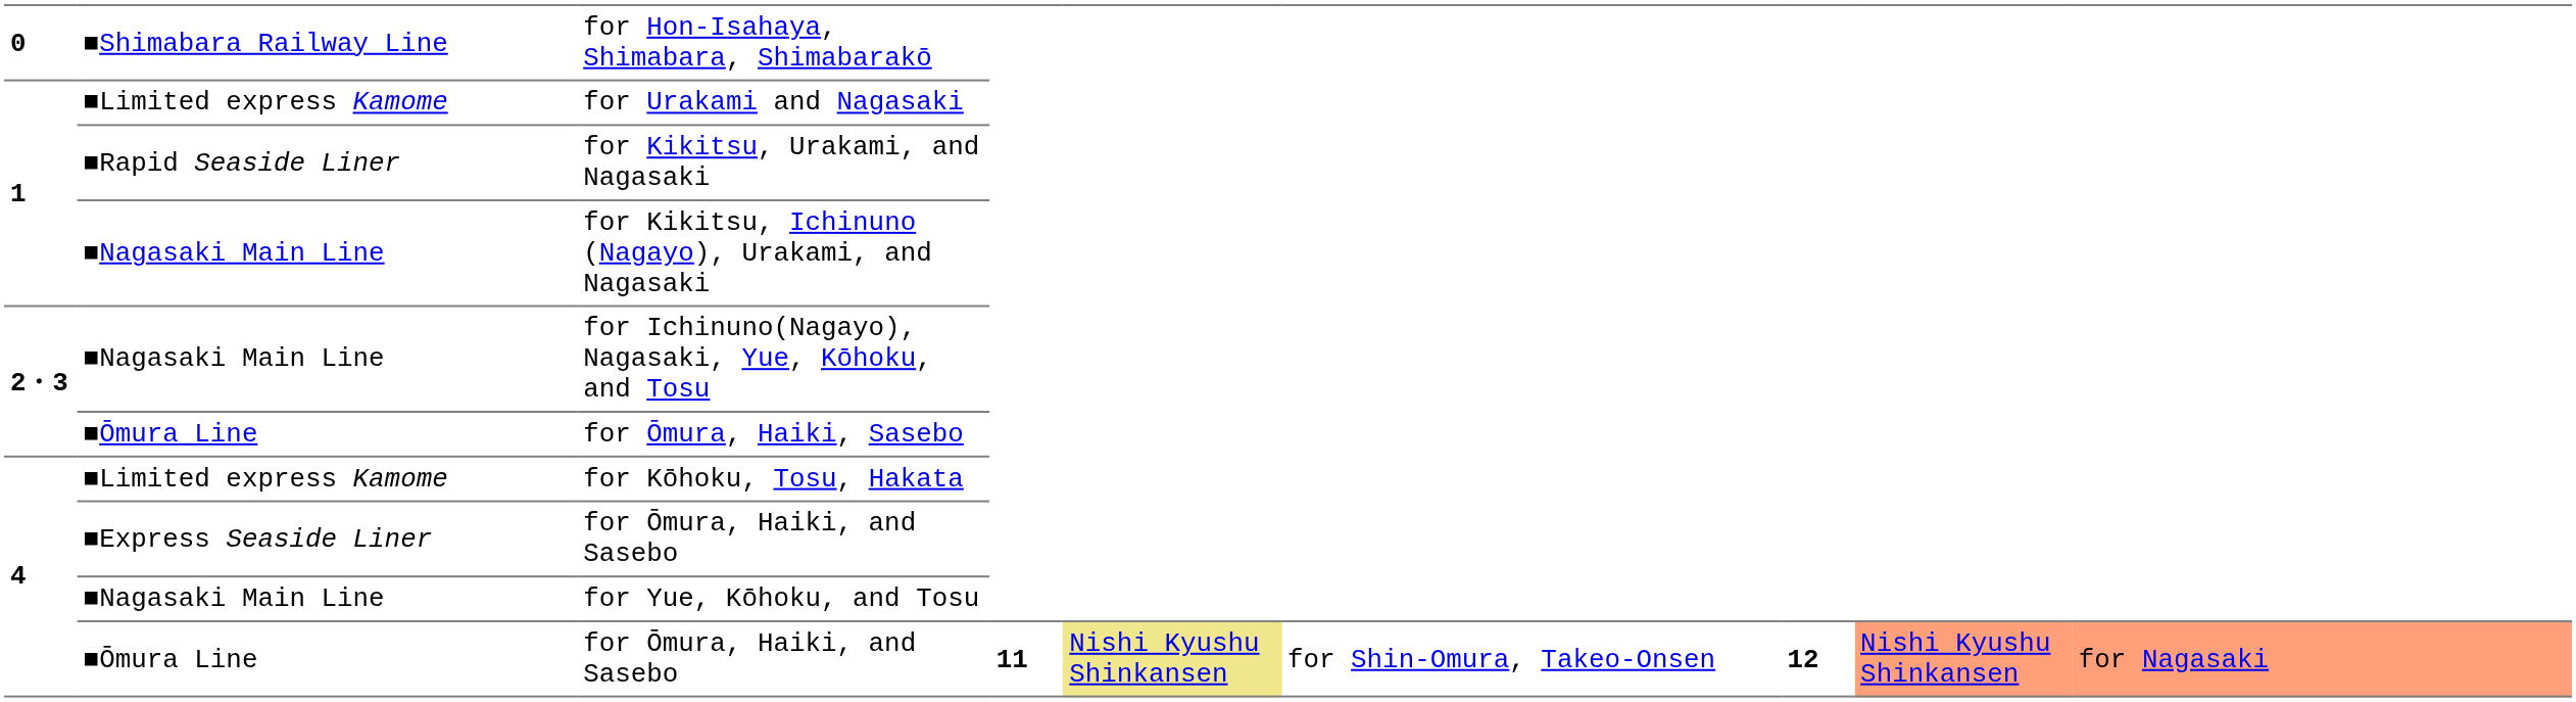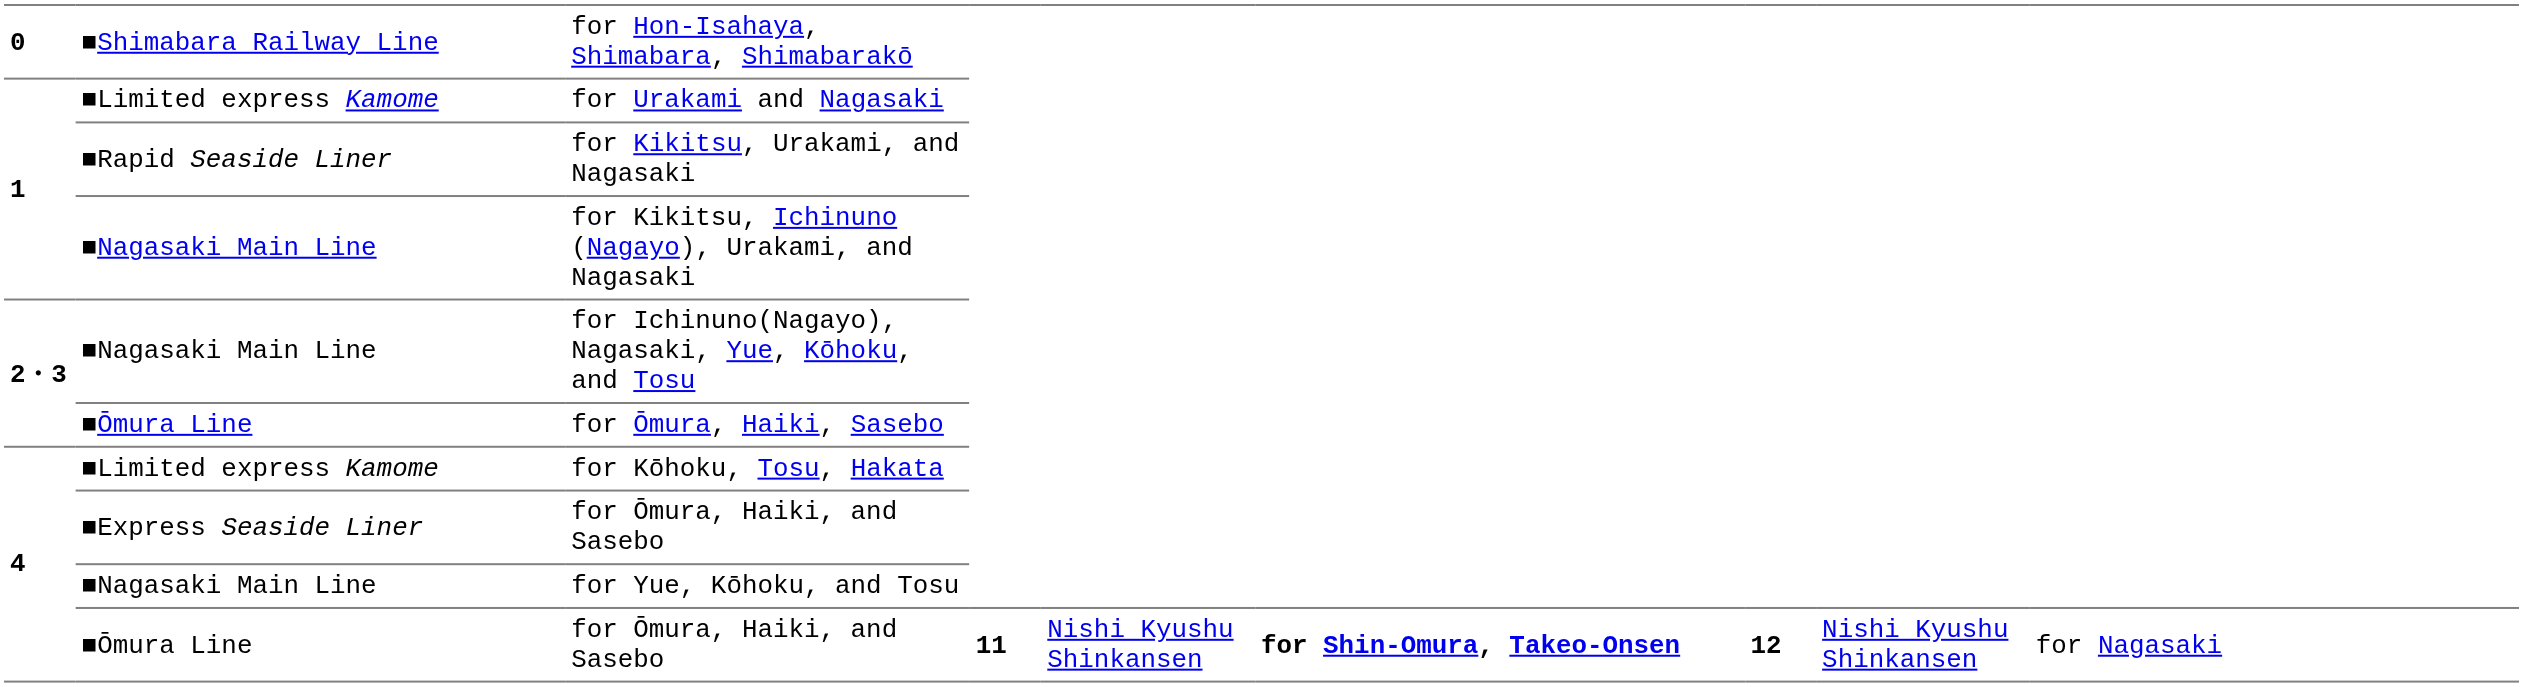 <table border="1" cellspacing="0" cellpadding="3" frame="hsides" rules="rows" style="margin-top:.4em; text-align:left">
 <tr>
 <th style="width:30px" rowspan=1>0</th>
 <td style="width:240px"><span>■</span><a href='#'>Shimabara Railway Line</a></td>
 <td>for <a href='#'>Hon-Isahaya</a>, <a href='#'>Shimabara</a>, <a href='#'>Shimabarakō</a></td>
 </tr>
 <tr>
 <th style="width:30px" rowspan=3>1</th>
 <td style="width:240px"><span>■</span>Limited express <em><a href='#'>Kamome</a></em></td>
 <td>for <a href='#'>Urakami</a> and <a href='#'>Nagasaki</a></td>
 </tr>
 <tr>
 <td><span>■</span>Rapid <em>Seaside Liner</em></td>
 <td>for <a href='#'>Kikitsu</a>, Urakami, and Nagasaki</td>
 </tr>
 <tr>
 <td><span>■</span><a href='#'>Nagasaki Main Line</a></td>
 <td>for Kikitsu, <a href='#'>Ichinuno</a> (<a href='#'>Nagayo</a>), Urakami, and Nagasaki</td>
 </tr>
 <tr>
 <th style="width:30px" rowspan=2>2・3</th>
 <td style="width:240px"><span>■</span>Nagasaki Main Line</td>
 <td>for Ichinuno(Nagayo), Nagasaki, <a href='#'>Yue</a>, <a href='#'>Kōhoku</a>, and <a href='#'>Tosu</a></td>
 </tr>
 <tr>
 <td><span>■</span><a href='#'>Ōmura Line</a></td>
 <td>for <a href='#'>Ōmura</a>, <a href='#'>Haiki</a>, <a href='#'>Sasebo</a></td>
 </tr>
 <tr>
 <th style="width:30px" rowspan=4>4</th>
 <td style="width:240px"><span>■</span>Limited express <em>Kamome</em></td>
 <td>for Kōhoku, <a href='#'>Tosu</a>, <a href='#'>Hakata</a></td>
 </tr>
 <tr>
 <td><span>■</span>Express <em>Seaside Liner</em></td>
 <td>for Ōmura, Haiki, and Sasebo</td>
 </tr>
 <tr>
 <td><span>■</span>Nagasaki Main Line</td>
 <td>for Yue, Kōhoku, and Tosu</td>
 </tr>
 <tr>
 <td><span>■</span>Ōmura Line</td>
 <td>for Ōmura, Haiki, and Sasebo</td>
 <th style="width:30px" rowspan=2>11</th>
-<td style="background: khaki;"> <a href='#'>Nishi Kyushu Shinkansen</a></td>
-<td style="width:240px">for <a href='#'>Shin-Omura</a>, <a href='#'>Takeo-Onsen</a></td>
+<td> <a href='#'>Nishi Kyushu Shinkansen</a></td>
+<td style="width:240px"><strong>for <a href='#'>Shin-Omura</a>, <a href='#'>Takeo-Onsen</a></strong></td>
 <th style="width:30px" rowspan=2>12</th>
-<td style="background: lightsalmon;"> <a href='#'>Nishi Kyushu Shinkansen</a></td>
-<td style="background: lightsalmon; width:240px">for <a href='#'>Nagasaki</a></td>
+<td> <a href='#'>Nishi Kyushu Shinkansen</a></td>
+<td style="width:240px">for <a href='#'>Nagasaki</a></td>
 </tr>
 </table>
